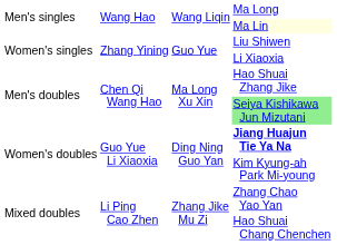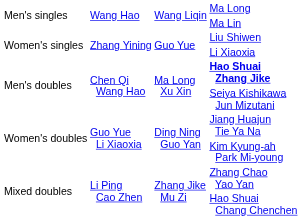 <table>
 <tr>
 <td rowspan=2>Men's singles <br></td>
 <td rowspan=2> <a href='#'>Wang Hao</a></td>
 <td rowspan=2> <a href='#'>Wang Liqin</a></td>
 <td> <a href='#'>Ma Long</a></td>
 </tr>
 <tr>
-<td style="background: lightyellow;"> <a href='#'>Ma Lin</a></td>
+<td> <a href='#'>Ma Lin</a></td>
 </tr>
 <tr>
 <td rowspan=2>Women's singles <br></td>
 <td rowspan=2> <a href='#'>Zhang Yining</a></td>
 <td rowspan=2> <a href='#'>Guo Yue</a></td>
 <td> <a href='#'>Liu Shiwen</a></td>
 </tr>
 <tr>
 <td> <a href='#'>Li Xiaoxia</a></td>
 </tr>
 <tr>
 <td rowspan=2>Men's doubles <br></td>
 <td rowspan=2> <a href='#'>Chen Qi</a> <br>  <a href='#'>Wang Hao</a></td>
 <td rowspan=2> <a href='#'>Ma Long</a> <br>  <a href='#'>Xu Xin</a></td>
-<td> <a href='#'>Hao Shuai</a> <br>  <a href='#'>Zhang Jike</a></td>
+<td><strong> <a href='#'>Hao Shuai</a> <br>  <a href='#'>Zhang Jike</a></strong></td>
 </tr>
 <tr>
-<td style="background: lightgreen;"> <a href='#'>Seiya Kishikawa</a> <br>  <a href='#'>Jun Mizutani</a></td>
+<td> <a href='#'>Seiya Kishikawa</a> <br>  <a href='#'>Jun Mizutani</a></td>
 </tr>
 <tr>
 <td rowspan=2>Women's doubles <br></td>
 <td rowspan=2> <a href='#'>Guo Yue</a> <br>  <a href='#'>Li Xiaoxia</a></td>
 <td rowspan=2> <a href='#'>Ding Ning</a> <br>  <a href='#'>Guo Yan</a></td>
-<td><strong> <a href='#'>Jiang Huajun</a> <br>  <a href='#'>Tie Ya Na</a></strong></td>
+<td> <a href='#'>Jiang Huajun</a> <br>  <a href='#'>Tie Ya Na</a></td>
 </tr>
 <tr>
 <td> <a href='#'>Kim Kyung-ah</a> <br>  <a href='#'>Park Mi-young</a></td>
 </tr>
 <tr>
 <td rowspan=2>Mixed doubles <br></td>
 <td rowspan=2> <a href='#'>Li Ping</a> <br>  <a href='#'>Cao Zhen</a></td>
 <td rowspan=2> <a href='#'>Zhang Jike</a> <br>  <a href='#'>Mu Zi</a></td>
 <td> <a href='#'>Zhang Chao</a> <br>  <a href='#'>Yao Yan</a></td>
 </tr>
 <tr>
 <td> <a href='#'>Hao Shuai</a> <br>  <a href='#'>Chang Chenchen</a></td>
 </tr>
 </table>
